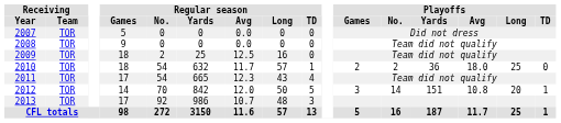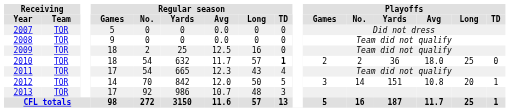 <table BORDER="0" CELLPADDING="1" CELLSPACING="0" width="65%" style="text-align:center">
 <tr bgcolor="#e0e0e0">
 <th colspan="2">Receiving</th>
 <th rowspan="99" bgcolor="#ffffff"> </th>
 <th colspan="6">Regular season</th>
 <th rowspan="99" bgcolor="#ffffff"> </th>
 <th colspan="6">Playoffs</th>
 </tr>
 <tr bgcolor="#e0e0e0">
 <th>Year</th>
 <th>Team</th>
 <th>Games</th>
 <th>No.</th>
 <th>Yards</th>
 <th>Avg</th>
 <th>Long</th>
 <th>TD</th>
 <th>Games</th>
 <th>No.</th>
 <th>Yards</th>
 <th>Avg</th>
 <th>Long</th>
 <th>TD</th>
 </tr>
 <tr ALIGN="center" bgcolor="#f0f0f0">
 <td><a href='#'>2007</a></td>
 <td><a href='#'>TOR</a></td>
 <td>5</td>
 <td>0</td>
 <td>0</td>
 <td>0.0</td>
 <td>0</td>
 <td>0</td>
 <td colspan="6"><em>Did not dress</em></td>
 </tr>
 <tr ALIGN="center">
 <td><a href='#'>2008</a></td>
 <td><a href='#'>TOR</a></td>
 <td>9</td>
 <td>0</td>
 <td>0</td>
 <td>0.0</td>
 <td>0</td>
 <td>0</td>
 <td colspan="6"><em>Team did not qualify</em></td>
 </tr>
 <tr ALIGN="center" bgcolor="#f0f0f0">
 <td><a href='#'>2009</a></td>
 <td><a href='#'>TOR</a></td>
 <td>18</td>
 <td>2</td>
 <td>25</td>
 <td>12.5</td>
 <td>16</td>
 <td>0</td>
 <td colspan="6"><em>Team did not qualify</em></td>
 </tr>
 <tr ALIGN="center">
 <td><a href='#'>2010</a></td>
 <td><a href='#'>TOR</a></td>
 <td>18</td>
 <td>54</td>
 <td>632</td>
 <td>11.7</td>
 <td>57</td>
-<td>1</td>
+<td><strong>1</strong></td>
 <td>2</td>
 <td>2</td>
 <td>36</td>
 <td>18.0</td>
 <td>25</td>
 <td>0</td>
 </tr>
 <tr ALIGN="center" bgcolor="#f0f0f0">
 <td><a href='#'>2011</a></td>
 <td><a href='#'>TOR</a></td>
 <td>17</td>
 <td>54</td>
 <td>665</td>
 <td>12.3</td>
 <td>43</td>
 <td>4</td>
 <td colspan="6"><em>Team did not qualify</em></td>
 </tr>
 <tr ALIGN="center">
 <td><a href='#'>2012</a></td>
 <td><a href='#'>TOR</a></td>
 <td>14</td>
 <td>70</td>
 <td>842</td>
 <td>12.0</td>
 <td>50</td>
 <td>5</td>
 <td>3</td>
 <td>14</td>
 <td>151</td>
 <td>10.8</td>
 <td>20</td>
 <td>1</td>
 </tr>
 <tr ALIGN="center" bgcolor="#f0f0f0">
 <td><a href='#'>2013</a></td>
 <td><a href='#'>TOR</a></td>
 <td>17</td>
 <td>92</td>
 <td>986</td>
 <td>10.7</td>
 <td>48</td>
 <td>3</td>
 <td></td>
 <td></td>
 <td></td>
 <td></td>
 <td></td>
 <td></td>
 </tr>
 <tr bgcolor="#e0e0e0">
 <th colspan="3"><a href='#'>CFL totals</a></th>
 <th>98</th>
 <th>272</th>
 <th>3150</th>
 <th>11.6</th>
 <th>57</th>
 <th>13</th>
 <th>5</th>
 <th>16</th>
 <th>187</th>
 <th>11.7</th>
 <th>25</th>
 <th>1</th>
 </tr>
 </table>
